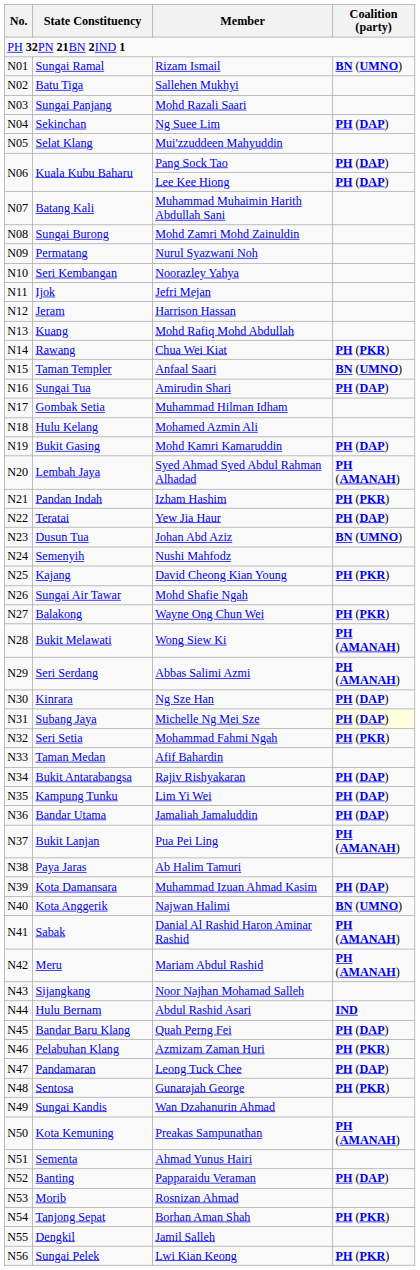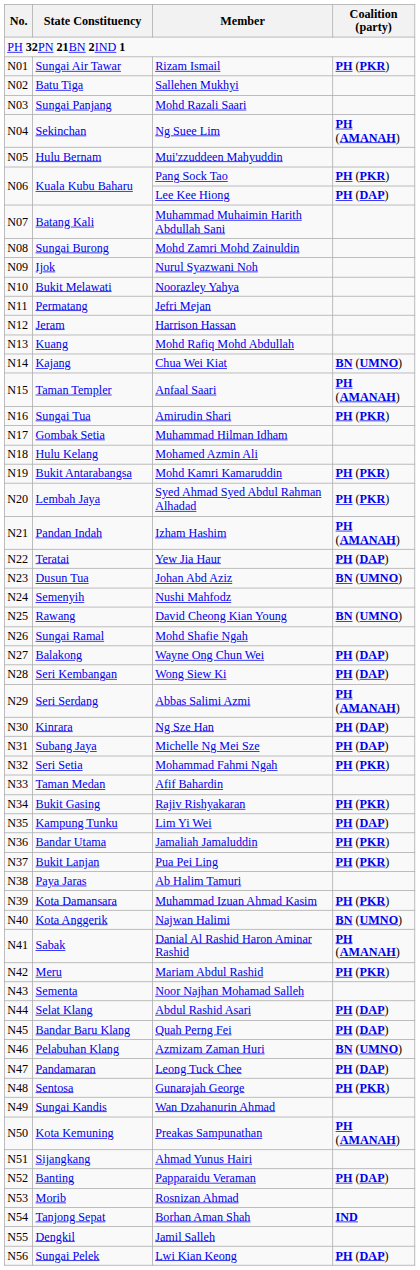 <table class="wikitable sortable">
 <tr>
 <th style="width:30px;">No.</th>
 <th style="width:150px;">State Constituency</th>
 <th style="width:230px;">Member</th>
 <th style="width:100px;">Coalition (party)</th>
 </tr>
 <tr>
 <td colspan="4"><a href='#'>PH</a> <strong>32</strong><a href='#'>PN</a> <strong>21</strong><a href='#'>BN</a> <strong>2</strong><a href='#'>IND</a> <strong>1</strong></td>
 </tr>
 <tr>
 <td>N01</td>
-<td><a href='#'>Sungai Ramal</a></td>
+<td><a href='#'>Sungai Air Tawar</a></td>
 <td><a href='#'>Rizam Ismail</a></td>
-<td><strong><a href='#'>BN</a></strong> (<strong><a href='#'>UMNO</a></strong>)</td>
+<td><strong><a href='#'>PH</a></strong> (<strong><a href='#'>PKR</a></strong>)</td>
 </tr>
 <tr>
 <td>N02</td>
 <td><a href='#'>Batu Tiga</a></td>
 <td><a href='#'>Sallehen Mukhyi</a></td>
 <td></td>
 </tr>
 <tr>
 <td>N03</td>
 <td><a href='#'>Sungai Panjang</a></td>
 <td><a href='#'>Mohd Razali Saari</a></td>
 <td></td>
 </tr>
 <tr>
 <td>N04</td>
 <td><a href='#'>Sekinchan</a></td>
 <td><a href='#'>Ng Suee Lim</a></td>
-<td><strong><a href='#'>PH</a></strong> (<strong><a href='#'>DAP</a></strong>)</td>
+<td><strong><a href='#'>PH</a></strong> (<strong><a href='#'>AMANAH</a></strong>)</td>
 </tr>
 <tr>
 <td>N05</td>
-<td><a href='#'>Selat Klang</a></td>
+<td><a href='#'>Hulu Bernam</a></td>
 <td><a href='#'>Mui'zzuddeen Mahyuddin</a></td>
 <td></td>
 </tr>
 <tr>
 <td rowspan=2>N06</td>
 <td rowspan=2><a href='#'>Kuala Kubu Baharu</a></td>
 <td><a href='#'>Pang Sock Tao</a> </td>
-<td><strong><a href='#'>PH</a></strong> (<strong><a href='#'>DAP</a></strong>)</td>
+<td><strong><a href='#'>PH</a></strong> (<strong><a href='#'>PKR</a></strong>)</td>
 </tr>
 <tr>
 <td><a href='#'>Lee Kee Hiong</a> </td>
 <td><strong><a href='#'>PH</a></strong> (<strong><a href='#'>DAP</a></strong>)</td>
 </tr>
 <tr>
 <td>N07</td>
 <td><a href='#'>Batang Kali</a></td>
 <td><a href='#'>Muhammad Muhaimin Harith Abdullah Sani</a></td>
 <td></td>
 </tr>
 <tr>
 <td>N08</td>
 <td><a href='#'>Sungai Burong</a></td>
 <td><a href='#'>Mohd Zamri Mohd Zainuldin</a></td>
 <td></td>
 </tr>
 <tr>
 <td>N09</td>
-<td><a href='#'>Permatang</a></td>
+<td><a href='#'>Ijok</a></td>
 <td><a href='#'>Nurul Syazwani Noh</a></td>
 <td></td>
 </tr>
 <tr>
 <td>N10</td>
-<td><a href='#'>Seri Kembangan</a></td>
+<td><a href='#'>Bukit Melawati</a></td>
 <td><a href='#'>Noorazley Yahya</a></td>
 <td></td>
 </tr>
 <tr>
 <td>N11</td>
-<td><a href='#'>Ijok</a></td>
+<td><a href='#'>Permatang</a></td>
 <td><a href='#'>Jefri Mejan</a></td>
 <td></td>
 </tr>
 <tr>
 <td>N12</td>
 <td><a href='#'>Jeram</a></td>
 <td><a href='#'>Harrison Hassan</a></td>
 <td></td>
 </tr>
 <tr>
 <td>N13</td>
 <td><a href='#'>Kuang</a></td>
 <td><a href='#'>Mohd Rafiq Mohd Abdullah</a></td>
 <td></td>
 </tr>
 <tr>
 <td>N14</td>
-<td><a href='#'>Rawang</a></td>
+<td><a href='#'>Kajang</a></td>
 <td><a href='#'>Chua Wei Kiat</a></td>
-<td><strong><a href='#'>PH</a></strong> (<strong><a href='#'>PKR</a></strong>)</td>
+<td><strong><a href='#'>BN</a></strong> (<strong><a href='#'>UMNO</a></strong>)</td>
 </tr>
 <tr>
 <td>N15</td>
 <td><a href='#'>Taman Templer</a></td>
 <td><a href='#'>Anfaal Saari</a></td>
-<td><strong><a href='#'>BN</a></strong> (<strong><a href='#'>UMNO</a></strong>)</td>
+<td><strong><a href='#'>PH</a></strong> (<strong><a href='#'>AMANAH</a></strong>)</td>
 </tr>
 <tr>
 <td>N16</td>
 <td><a href='#'>Sungai Tua</a></td>
 <td><a href='#'>Amirudin Shari</a></td>
-<td><strong><a href='#'>PH</a></strong> (<strong><a href='#'>DAP</a></strong>)</td>
+<td><strong><a href='#'>PH</a></strong> (<strong><a href='#'>PKR</a></strong>)</td>
 </tr>
 <tr>
 <td>N17</td>
 <td><a href='#'>Gombak Setia</a></td>
 <td><a href='#'>Muhammad Hilman Idham</a></td>
 <td></td>
 </tr>
 <tr>
 <td>N18</td>
 <td><a href='#'>Hulu Kelang</a></td>
 <td><a href='#'>Mohamed Azmin Ali</a></td>
 <td></td>
 </tr>
 <tr>
 <td>N19</td>
-<td><a href='#'>Bukit Gasing</a></td>
+<td><a href='#'>Bukit Antarabangsa</a></td>
 <td><a href='#'>Mohd Kamri Kamaruddin</a></td>
-<td><strong><a href='#'>PH</a></strong> (<strong><a href='#'>DAP</a></strong>)</td>
+<td><strong><a href='#'>PH</a></strong> (<strong><a href='#'>PKR</a></strong>)</td>
 </tr>
 <tr>
 <td>N20</td>
 <td><a href='#'>Lembah Jaya</a></td>
 <td><a href='#'>Syed Ahmad Syed Abdul Rahman Alhadad</a></td>
-<td><strong><a href='#'>PH</a></strong> (<strong><a href='#'>AMANAH</a></strong>)</td>
+<td><strong><a href='#'>PH</a></strong> (<strong><a href='#'>PKR</a></strong>)</td>
 </tr>
 <tr>
 <td>N21</td>
 <td><a href='#'>Pandan Indah</a></td>
 <td><a href='#'>Izham Hashim</a></td>
-<td><strong><a href='#'>PH</a></strong> (<strong><a href='#'>PKR</a></strong>)</td>
+<td><strong><a href='#'>PH</a></strong> (<strong><a href='#'>AMANAH</a></strong>)</td>
 </tr>
 <tr>
 <td>N22</td>
 <td><a href='#'>Teratai</a></td>
 <td><a href='#'>Yew Jia Haur</a></td>
 <td><strong><a href='#'>PH</a></strong> (<strong><a href='#'>DAP</a></strong>)</td>
 </tr>
 <tr>
 <td>N23</td>
 <td><a href='#'>Dusun Tua</a></td>
 <td><a href='#'>Johan Abd Aziz</a></td>
 <td><strong><a href='#'>BN</a></strong> (<strong><a href='#'>UMNO</a></strong>)</td>
 </tr>
 <tr>
 <td>N24</td>
 <td><a href='#'>Semenyih</a></td>
 <td><a href='#'>Nushi Mahfodz</a></td>
 <td></td>
 </tr>
 <tr>
 <td>N25</td>
-<td><a href='#'>Kajang</a></td>
+<td><a href='#'>Rawang</a></td>
 <td><a href='#'>David Cheong Kian Young</a></td>
-<td><strong><a href='#'>PH</a></strong> (<strong><a href='#'>PKR</a></strong>)</td>
+<td><strong><a href='#'>BN</a></strong> (<strong><a href='#'>UMNO</a></strong>)</td>
 </tr>
 <tr>
 <td>N26</td>
-<td><a href='#'>Sungai Air Tawar</a></td>
+<td><a href='#'>Sungai Ramal</a></td>
 <td><a href='#'>Mohd Shafie Ngah</a></td>
 <td></td>
 </tr>
 <tr>
 <td>N27</td>
 <td><a href='#'>Balakong</a></td>
 <td><a href='#'>Wayne Ong Chun Wei</a></td>
-<td><strong><a href='#'>PH</a></strong> (<strong><a href='#'>PKR</a></strong>)</td>
+<td><strong><a href='#'>PH</a></strong> (<strong><a href='#'>DAP</a></strong>)</td>
 </tr>
 <tr>
 <td>N28</td>
-<td><a href='#'>Bukit Melawati</a></td>
+<td><a href='#'>Seri Kembangan</a></td>
 <td><a href='#'>Wong Siew Ki</a></td>
-<td><strong><a href='#'>PH</a></strong> (<strong><a href='#'>AMANAH</a></strong>)</td>
+<td><strong><a href='#'>PH</a></strong> (<strong><a href='#'>DAP</a></strong>)</td>
 </tr>
 <tr>
 <td>N29</td>
 <td><a href='#'>Seri Serdang</a></td>
 <td><a href='#'>Abbas Salimi Azmi</a></td>
 <td><strong><a href='#'>PH</a></strong> (<strong><a href='#'>AMANAH</a></strong>)</td>
 </tr>
 <tr>
 <td>N30</td>
 <td><a href='#'>Kinrara</a></td>
 <td><a href='#'>Ng Sze Han</a></td>
 <td><strong><a href='#'>PH</a></strong> (<strong><a href='#'>DAP</a></strong>)</td>
 </tr>
 <tr>
 <td>N31</td>
 <td><a href='#'>Subang Jaya</a></td>
 <td><a href='#'>Michelle Ng Mei Sze</a></td>
-<td style="background: lightyellow;"><strong><a href='#'>PH</a></strong> (<strong><a href='#'>DAP</a></strong>)</td>
+<td><strong><a href='#'>PH</a></strong> (<strong><a href='#'>DAP</a></strong>)</td>
 </tr>
 <tr>
 <td>N32</td>
 <td><a href='#'>Seri Setia</a></td>
 <td><a href='#'>Mohammad Fahmi Ngah</a></td>
 <td><strong><a href='#'>PH</a></strong> (<strong><a href='#'>PKR</a></strong>)</td>
 </tr>
 <tr>
 <td>N33</td>
 <td><a href='#'>Taman Medan</a></td>
 <td><a href='#'>Afif Bahardin</a></td>
 <td></td>
 </tr>
 <tr>
 <td>N34</td>
-<td><a href='#'>Bukit Antarabangsa</a></td>
+<td><a href='#'>Bukit Gasing</a></td>
 <td><a href='#'>Rajiv Rishyakaran</a></td>
-<td><strong><a href='#'>PH</a></strong> (<strong><a href='#'>DAP</a></strong>)</td>
+<td><strong><a href='#'>PH</a></strong> (<strong><a href='#'>PKR</a></strong>)</td>
 </tr>
 <tr>
 <td>N35</td>
 <td><a href='#'>Kampung Tunku</a></td>
 <td><a href='#'>Lim Yi Wei</a></td>
 <td><strong><a href='#'>PH</a></strong> (<strong><a href='#'>DAP</a></strong>)</td>
 </tr>
 <tr>
 <td>N36</td>
 <td><a href='#'>Bandar Utama</a></td>
 <td><a href='#'>Jamaliah Jamaluddin</a></td>
-<td><strong><a href='#'>PH</a></strong> (<strong><a href='#'>DAP</a></strong>)</td>
+<td><strong><a href='#'>PH</a></strong> (<strong><a href='#'>PKR</a></strong>)</td>
 </tr>
 <tr>
 <td>N37</td>
 <td><a href='#'>Bukit Lanjan</a></td>
 <td><a href='#'>Pua Pei Ling</a></td>
-<td><strong><a href='#'>PH</a></strong> (<strong><a href='#'>AMANAH</a></strong>)</td>
+<td><strong><a href='#'>PH</a></strong> (<strong><a href='#'>PKR</a></strong>)</td>
 </tr>
 <tr>
 <td>N38</td>
 <td><a href='#'>Paya Jaras</a></td>
 <td><a href='#'>Ab Halim Tamuri</a></td>
 <td></td>
 </tr>
 <tr>
 <td>N39</td>
 <td><a href='#'>Kota Damansara</a></td>
 <td><a href='#'>Muhammad Izuan Ahmad Kasim</a></td>
-<td><strong><a href='#'>PH</a></strong> (<strong><a href='#'>DAP</a></strong>)</td>
+<td><strong><a href='#'>PH</a></strong> (<strong><a href='#'>PKR</a></strong>)</td>
 </tr>
 <tr>
 <td>N40</td>
 <td><a href='#'>Kota Anggerik</a></td>
 <td><a href='#'>Najwan Halimi</a></td>
 <td><strong><a href='#'>BN</a></strong> (<strong><a href='#'>UMNO</a></strong>)</td>
 </tr>
 <tr>
 <td>N41</td>
 <td><a href='#'>Sabak</a></td>
 <td><a href='#'>Danial Al Rashid Haron Aminar Rashid</a></td>
 <td><strong><a href='#'>PH</a></strong> (<strong><a href='#'>AMANAH</a></strong>)</td>
 </tr>
 <tr>
 <td>N42</td>
 <td><a href='#'>Meru</a></td>
 <td><a href='#'>Mariam Abdul Rashid</a></td>
-<td><strong><a href='#'>PH</a></strong> (<strong><a href='#'>AMANAH</a></strong>)</td>
+<td><strong><a href='#'>PH</a></strong> (<strong><a href='#'>PKR</a></strong>)</td>
 </tr>
 <tr>
 <td>N43</td>
-<td><a href='#'>Sijangkang</a></td>
+<td><a href='#'>Sementa</a></td>
 <td><a href='#'>Noor Najhan Mohamad Salleh</a></td>
 <td></td>
 </tr>
 <tr>
 <td>N44</td>
-<td><a href='#'>Hulu Bernam</a></td>
+<td><a href='#'>Selat Klang</a></td>
 <td><a href='#'>Abdul Rashid Asari</a></td>
-<td><strong><a href='#'>IND</a></strong></td>
+<td><strong><a href='#'>PH</a></strong> (<strong><a href='#'>DAP</a></strong>)</td>
 </tr>
 <tr>
 <td>N45</td>
 <td><a href='#'>Bandar Baru Klang</a></td>
 <td><a href='#'>Quah Perng Fei</a></td>
 <td><strong><a href='#'>PH</a></strong> (<strong><a href='#'>DAP</a></strong>)</td>
 </tr>
 <tr>
 <td>N46</td>
 <td><a href='#'>Pelabuhan Klang</a></td>
 <td><a href='#'>Azmizam Zaman Huri</a></td>
-<td><strong><a href='#'>PH</a></strong> (<strong><a href='#'>PKR</a></strong>)</td>
+<td><strong><a href='#'>BN</a></strong> (<strong><a href='#'>UMNO</a></strong>)</td>
 </tr>
 <tr>
 <td>N47</td>
 <td><a href='#'>Pandamaran</a></td>
 <td><a href='#'>Leong Tuck Chee</a></td>
 <td><strong><a href='#'>PH</a></strong> (<strong><a href='#'>DAP</a></strong>)</td>
 </tr>
 <tr>
 <td>N48</td>
 <td><a href='#'>Sentosa</a></td>
 <td><a href='#'>Gunarajah George</a></td>
 <td><strong><a href='#'>PH</a></strong> (<strong><a href='#'>PKR</a></strong>)</td>
 </tr>
 <tr>
 <td>N49</td>
 <td><a href='#'>Sungai Kandis</a></td>
 <td><a href='#'>Wan Dzahanurin Ahmad</a></td>
 <td></td>
 </tr>
 <tr>
 <td>N50</td>
 <td><a href='#'>Kota Kemuning</a></td>
 <td><a href='#'>Preakas Sampunathan</a></td>
 <td><strong><a href='#'>PH</a></strong> (<strong><a href='#'>AMANAH</a></strong>)</td>
 </tr>
 <tr>
 <td>N51</td>
-<td><a href='#'>Sementa</a></td>
+<td><a href='#'>Sijangkang</a></td>
 <td><a href='#'>Ahmad Yunus Hairi</a></td>
 <td></td>
 </tr>
 <tr>
 <td>N52</td>
 <td><a href='#'>Banting</a></td>
 <td><a href='#'>Papparaidu Veraman</a></td>
 <td><strong><a href='#'>PH</a></strong> (<strong><a href='#'>DAP</a></strong>)</td>
 </tr>
 <tr>
 <td>N53</td>
 <td><a href='#'>Morib</a></td>
 <td><a href='#'>Rosnizan Ahmad</a></td>
 <td></td>
 </tr>
 <tr>
 <td>N54</td>
 <td><a href='#'>Tanjong Sepat</a></td>
 <td><a href='#'>Borhan Aman Shah</a></td>
-<td><strong><a href='#'>PH</a></strong> (<strong><a href='#'>PKR</a></strong>)</td>
+<td><strong><a href='#'>IND</a></strong></td>
 </tr>
 <tr>
 <td>N55</td>
 <td><a href='#'>Dengkil</a></td>
 <td><a href='#'>Jamil Salleh</a></td>
 <td></td>
 </tr>
 <tr>
 <td>N56</td>
 <td><a href='#'>Sungai Pelek</a></td>
 <td><a href='#'>Lwi Kian Keong</a></td>
-<td><strong><a href='#'>PH</a></strong> (<strong><a href='#'>PKR</a></strong>)</td>
+<td><strong><a href='#'>PH</a></strong> (<strong><a href='#'>DAP</a></strong>)</td>
 </tr>
 </table>
